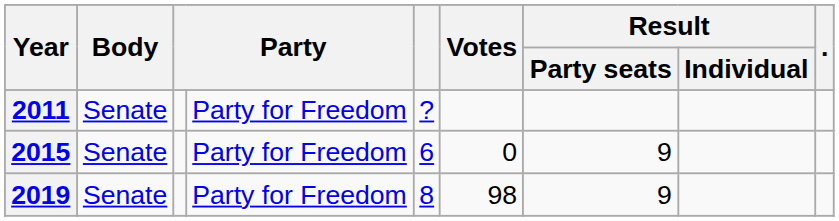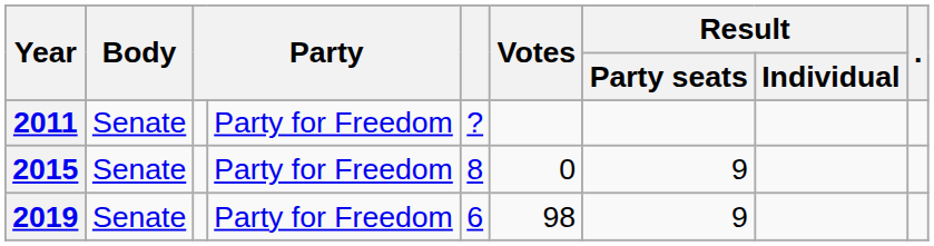 <table class="wikitable plainrowheaders sortable" border=2 cellpadding=4 cellspacing=0 style="border: 1px #aaa solid; font-size: 90%; text-align:center;">
 <tr>
 <th scope="col" rowspan=2>Year</th>
 <th scope="col" rowspan=2>Body</th>
 <th scope="col" colspan=2 rowspan=2>Party</th>
 <th scope="col" rowspan=2></th>
 <th scope="col" rowspan=2>Votes</th>
 <th scope="colgroup" colspan=2>Result</th>
 <th scope="col" rowspan=2 class="unsortable">.</th>
 </tr>
 <tr>
 <th scope="col">Party seats</th>
 <th scope="col">Individual</th>
 </tr>
 <tr>
 <th scope="row"><a href='#'>2011</a></th>
 <td><a href='#'>Senate</a></td>
 <td style="background-color:"></td>
 <td><a href='#'>Party for Freedom</a></td>
 <td style=text-align:right><a href='#'>?</a></td>
 <td style=text-align:right></td>
 <td style=text-align:right></td>
 <td></td>
 <td></td>
 </tr>
 <tr>
 <th scope="row"><a href='#'>2015</a></th>
 <td><a href='#'>Senate</a></td>
 <td style="background-color:"></td>
 <td><a href='#'>Party for Freedom</a></td>
-<td style=text-align:right><a href='#'>6</a></td>
+<td style=text-align:right><a href='#'>8</a></td>
 <td style=text-align:right>0</td>
 <td style=text-align:right>9</td>
 <td></td>
 <td></td>
 </tr>
 <tr>
 <th scope="row"><a href='#'>2019</a></th>
 <td><a href='#'>Senate</a></td>
 <td style="background-color:"></td>
 <td><a href='#'>Party for Freedom</a></td>
-<td style=text-align:right><a href='#'>8</a></td>
+<td style=text-align:right><a href='#'>6</a></td>
 <td style=text-align:right>98</td>
 <td style=text-align:right>9</td>
 <td></td>
 <td></td>
 </tr>
 </table>
